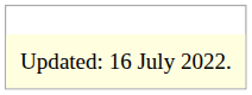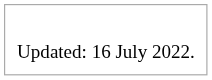 <table style="border:solid 1px #aaa;" cellpadding="10" cellspacing="0">
 <tr>
 <td></td>
 </tr>
 <tr>
-<td style="background: lightyellow;">Updated: 16 July 2022.</td>
+<td>Updated: 16 July 2022.</td>
 </tr>
 </table>
